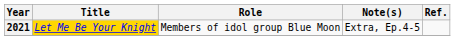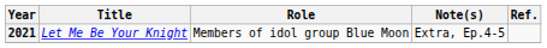 <table class="wikitable plainrowheaders">
 <tr>
 <th scope="col">Year</th>
 <th scope="col">Title</th>
 <th scope="col">Role</th>
 <th scope="col">Note(s)</th>
 <th scope="col" class="unsortable">Ref.</th>
 </tr>
 <tr>
 <th scope="row">2021</th>
-<td style="background: gold;"><em><a href='#'>Let Me Be Your Knight</a></em></td>
+<td><em><a href='#'>Let Me Be Your Knight</a></em></td>
 <td>Members of idol group Blue Moon</td>
 <td>Extra, Ep.4-5</td>
 <td></td>
 </tr>
 <tr>
 </tr>
 </table>
